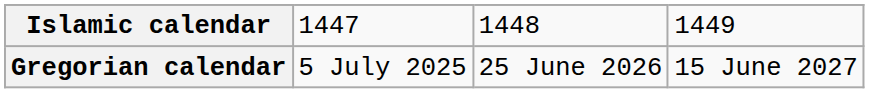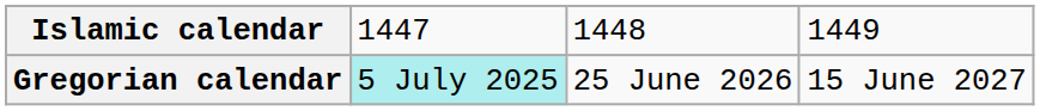 <table class="wikitable">
 <tr>
 <th><strong>Islamic calendar</strong></th>
 <td>1447</td>
 <td>1448</td>
 <td>1449</td>
 </tr>
 <tr>
 <th><strong>Gregorian calendar</strong></th>
-<td>5 July 2025</td>
+<td style="background: paleturquoise;">5 July 2025</td>
 <td>25 June 2026</td>
 <td>15 June 2027</td>
 </tr>
 </table>
